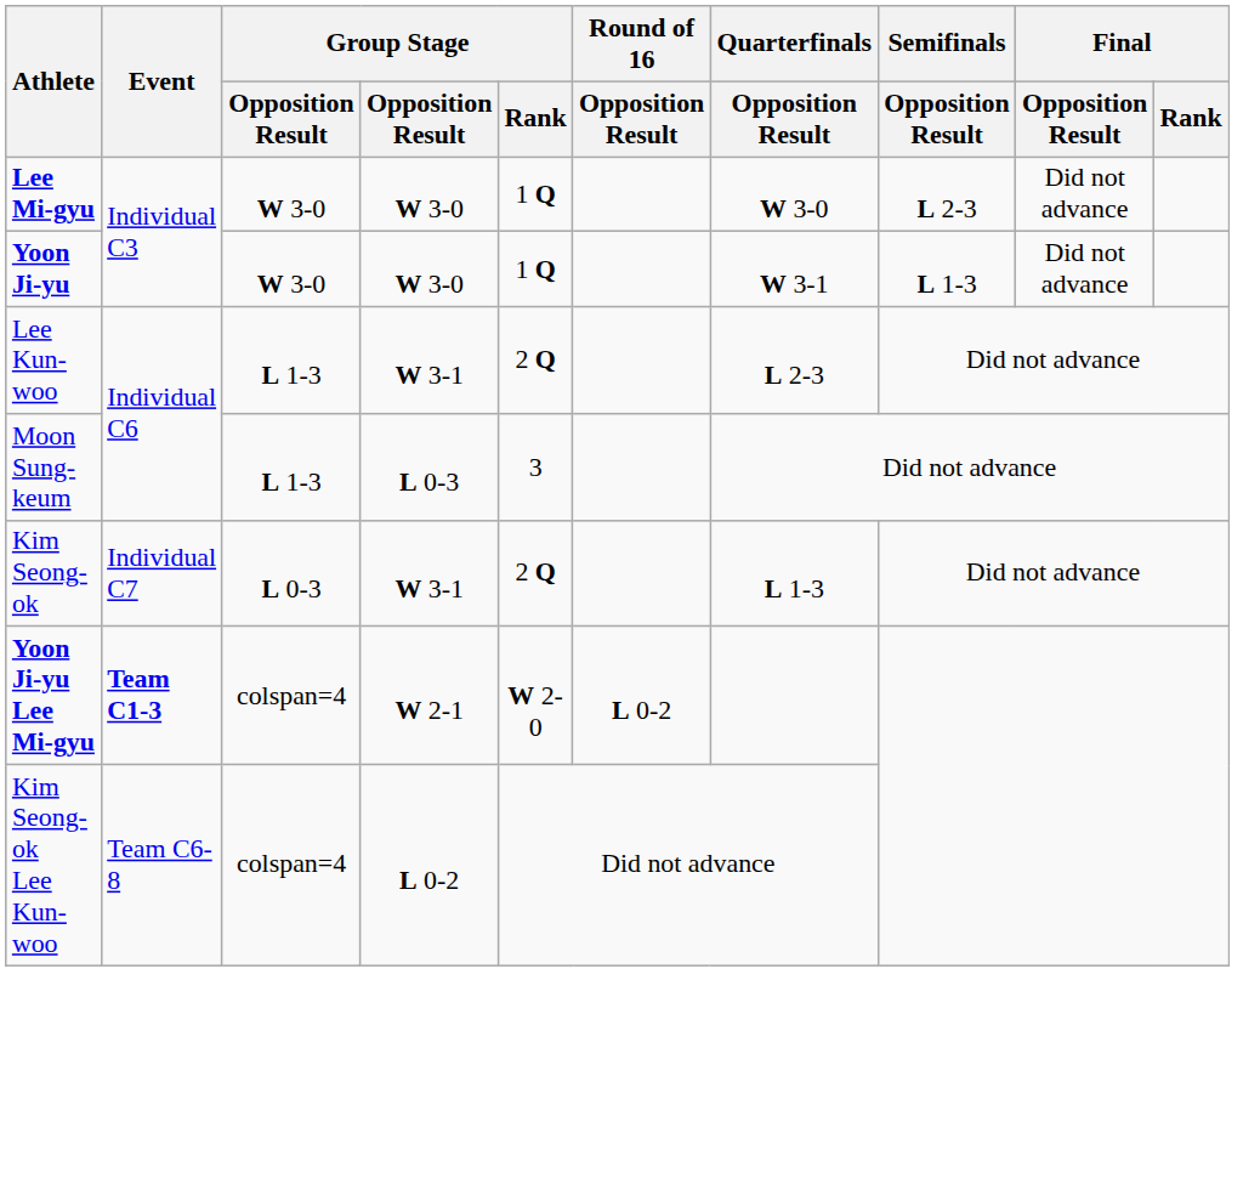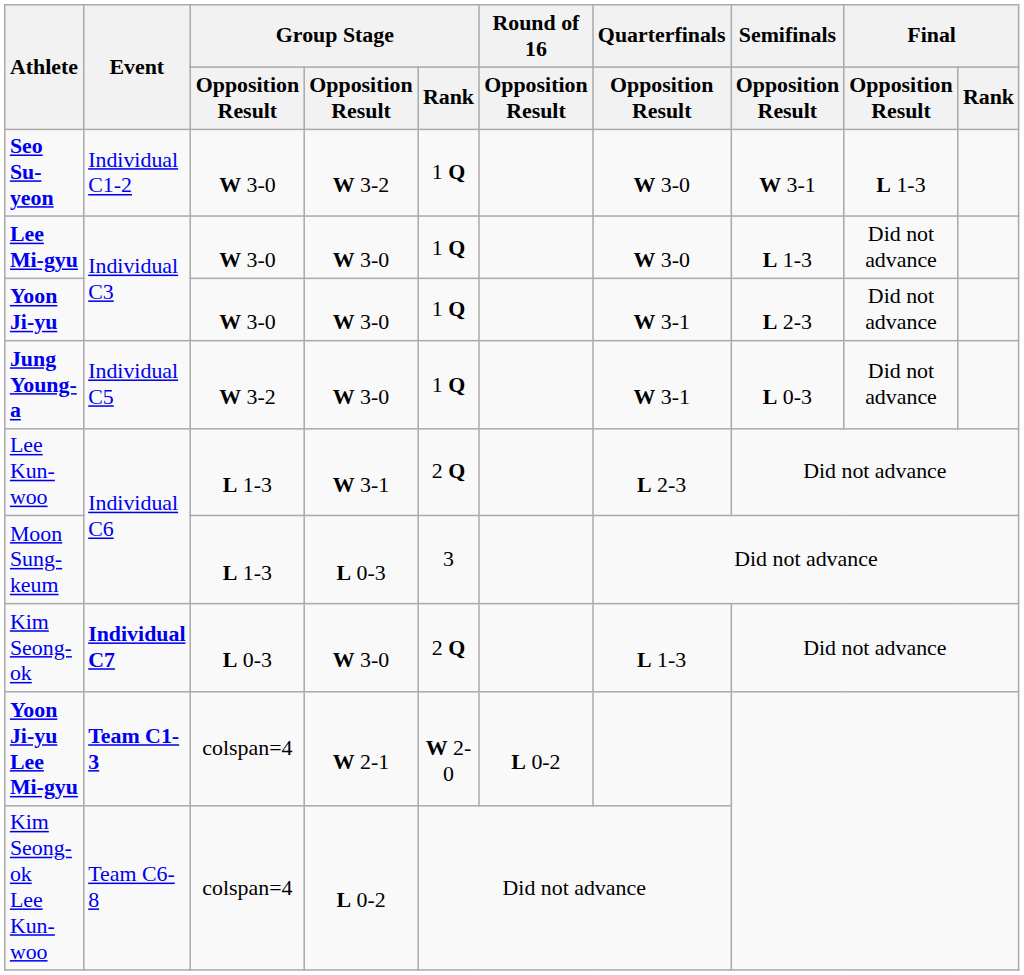 <table class=wikitable style="font-size:90%">
 <tr>
 <th rowspan="2">Athlete</th>
 <th rowspan="2">Event</th>
 <th colspan="3">Group Stage</th>
 <th>Round of 16</th>
 <th>Quarterfinals</th>
 <th>Semifinals</th>
 <th colspan="2">Final</th>
 </tr>
 <tr>
 <th>Opposition<br>Result</th>
 <th>Opposition<br>Result</th>
 <th>Rank</th>
 <th>Opposition<br>Result</th>
 <th>Opposition<br>Result</th>
 <th>Opposition<br>Result</th>
 <th>Opposition<br>Result</th>
 <th>Rank</th>
 </tr>
 <tr align=center>
+<td align=left><strong><a href='#'>Seo Su-yeon</a></strong></td>
+<td align=left><a href='#'>Individual C1-2</a></td>
+<td><br><strong>W</strong> 3-0</td>
+<td><br><strong>W</strong> 3-2</td>
+<td>1 <strong>Q</strong></td>
+<td></td>
+<td><br><strong>W</strong> 3-0</td>
+<td><br><strong>W</strong> 3-1</td>
+<td><br><strong>L</strong> 1-3</td>
+<td></td>
+</tr>
+<tr align=center>
 <td align=left><strong><a href='#'>Lee Mi-gyu</a></strong></td>
 <td rowspan="2" align="left"><a href='#'>Individual C3</a></td>
 <td><br><strong>W</strong> 3-0</td>
 <td><br><strong>W</strong> 3-0</td>
 <td>1 <strong>Q</strong></td>
 <td></td>
 <td><br><strong>W</strong> 3-0</td>
-<td><br><strong>L</strong> 2-3</td>
+<td><br><strong>L</strong> 1-3</td>
 <td colspan=1>Did not advance</td>
 <td></td>
 </tr>
 <tr align=center>
 <td align=left><strong><a href='#'>Yoon Ji-yu</a></strong></td>
 <td><br><strong>W</strong> 3-0</td>
 <td><br><strong>W</strong> 3-0</td>
 <td>1 <strong>Q</strong></td>
 <td></td>
 <td><br><strong>W</strong> 3-1</td>
-<td><br><strong>L</strong> 1-3</td>
+<td><br><strong>L</strong> 2-3</td>
+<td colspan=1>Did not advance</td>
+<td></td>
+</tr>
+<tr align=center>
+<td align=left><strong><a href='#'>Jung Young-a</a></strong></td>
+<td align=left><a href='#'>Individual C5</a></td>
+<td><br><strong>W</strong> 3-2</td>
+<td><br><strong>W</strong> 3-0</td>
+<td>1 <strong>Q</strong></td>
+<td></td>
+<td><br><strong>W</strong> 3-1</td>
+<td><br><strong>L</strong> 0-3</td>
 <td colspan=1>Did not advance</td>
 <td></td>
 </tr>
 <tr align=center>
 <td align=left><a href='#'>Lee Kun-woo</a></td>
 <td rowspan="2" align="left"><a href='#'>Individual C6</a></td>
 <td><br><strong>L</strong> 1-3</td>
 <td><br><strong>W</strong> 3-1</td>
 <td>2 <strong>Q</strong></td>
 <td></td>
 <td><br><strong>L</strong> 2-3</td>
 <td colspan=3>Did not advance</td>
 </tr>
 <tr align=center>
 <td align=left><a href='#'>Moon Sung-keum</a></td>
 <td><br><strong>L</strong> 1-3</td>
 <td><br><strong>L</strong> 0-3</td>
 <td>3</td>
 <td></td>
 <td colspan=4>Did not advance</td>
 </tr>
 <tr align=center>
 <td align=left><a href='#'>Kim Seong-ok</a></td>
-<td align=left><a href='#'>Individual C7</a></td>
+<td align=left><strong><a href='#'>Individual C7</a></strong></td>
 <td><br><strong>L</strong> 0-3</td>
-<td><br><strong>W</strong> 3-1</td>
+<td><br><strong>W</strong> 3-0</td>
 <td>2 <strong>Q</strong></td>
 <td></td>
 <td><br><strong>L</strong> 1-3</td>
 <td colspan=3>Did not advance</td>
 </tr>
 <tr align=center>
 <td align=left><strong><a href='#'>Yoon Ji-yu</a><br><a href='#'>Lee Mi-gyu</a></strong></td>
 <td align="left"><strong><a href='#'>Team C1-3</a></strong></td>
 <td>colspan=4 </td>
 <td><br><strong>W</strong> 2-1</td>
 <td><br><strong>W</strong> 2-0</td>
 <td><br><strong>L</strong> 0-2</td>
 <td></td>
 </tr>
 <tr align=center>
 <td align=left><a href='#'>Kim Seong-ok</a><br><a href='#'>Lee Kun-woo</a></td>
 <td align="left"><a href='#'>Team C6-8</a></td>
 <td>colspan=4 </td>
 <td><br><strong>L</strong> 0-2</td>
 <td colspan=3>Did not advance</td>
 </tr>
 </table>
